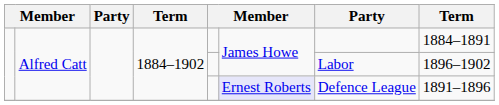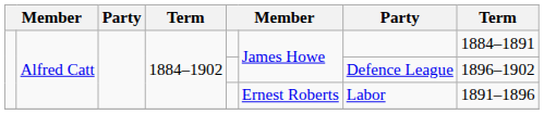 <table class="wikitable">
 <tr>
 <th colspan=2>Member</th>
 <th>Party</th>
 <th>Term</th>
 <th colspan=2>Member</th>
 <th>Party</th>
 <th>Term</th>
 </tr>
 <tr>
 <td rowspan=3 > </td>
 <td rowspan=3><a href='#'>Alfred Catt</a></td>
 <td rowspan=3></td>
 <td rowspan=3>1884–1902</td>
 <td> </td>
 <td rowspan=2><a href='#'>James Howe</a></td>
 <td></td>
 <td>1884–1891</td>
 </tr>
 <tr>
 <td> </td>
-<td><a href='#'>Labor</a></td>
+<td><a href='#'>Defence League</a></td>
 <td>1896–1902</td>
 </tr>
 <tr>
 <td> </td>
-<td style="background: lavender;"><a href='#'>Ernest Roberts</a></td>
-<td><a href='#'>Defence League</a></td>
+<td><a href='#'>Ernest Roberts</a></td>
+<td><a href='#'>Labor</a></td>
 <td>1891–1896</td>
 </tr>
 <tr>
 </tr>
 </table>
